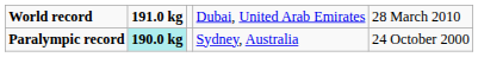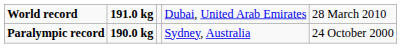 <table class="wikitable">
 <tr>
 <td><strong>World record</strong></td>
 <td><strong>191.0 kg</strong></td>
 <td></td>
 <td><a href='#'>Dubai</a>, <a href='#'>United Arab Emirates</a></td>
 <td>28 March 2010</td>
 </tr>
 <tr>
 <td><strong>Paralympic record</strong></td>
-<td style="background: paleturquoise;"><strong>190.0 kg</strong></td>
+<td><strong>190.0 kg</strong></td>
 <td></td>
 <td><a href='#'>Sydney</a>, <a href='#'>Australia</a></td>
 <td>24 October 2000</td>
 </tr>
 </table>
